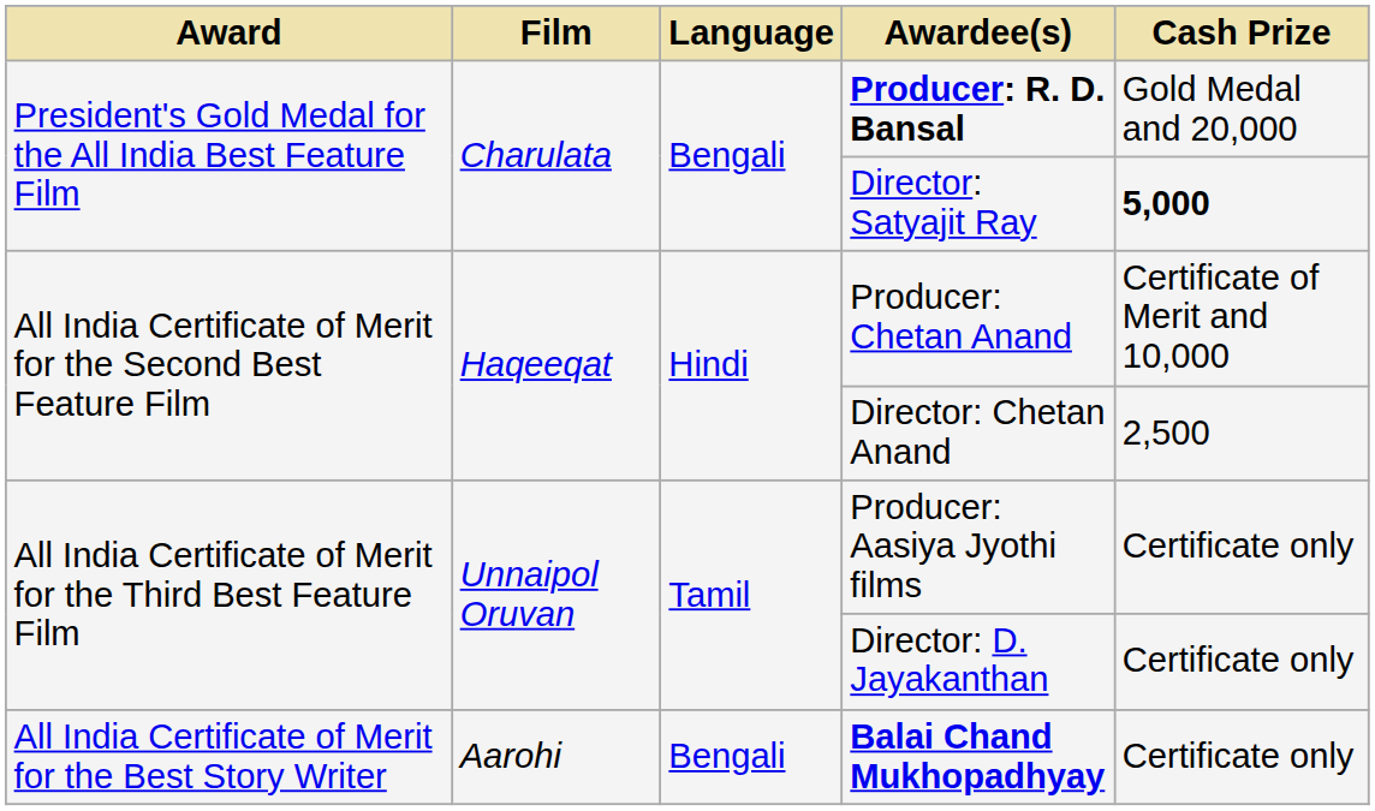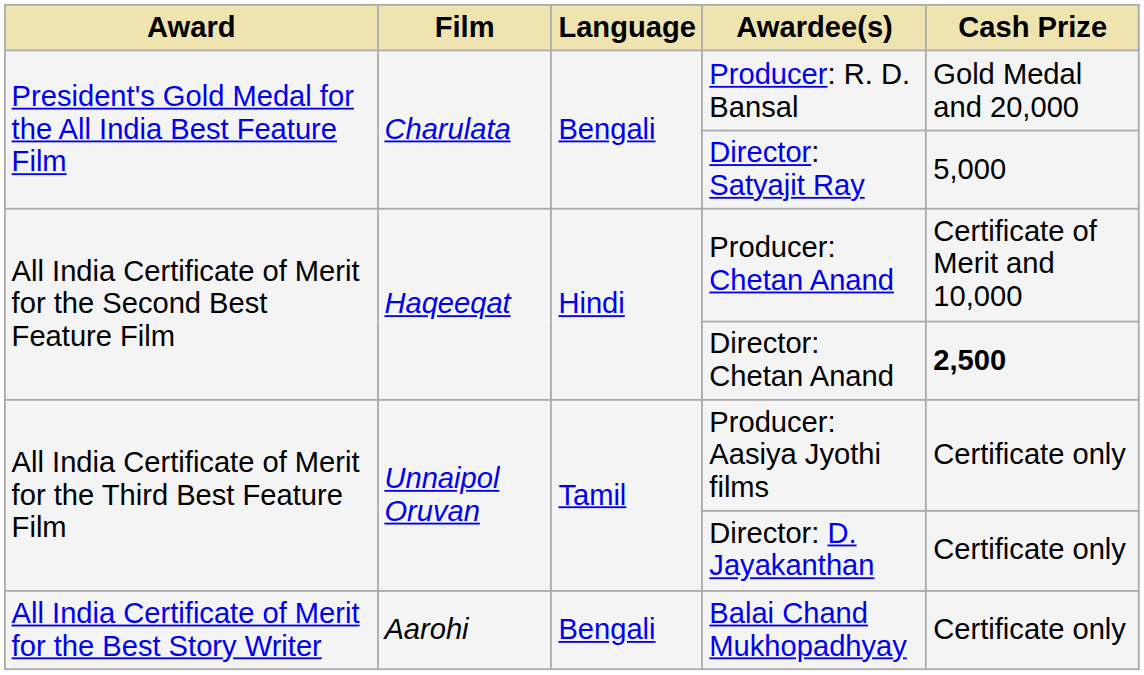 <table class="wikitable sortable" style="width:100%">
 <tr>
 <th style="background-color:#EFE4B0;width:37%;">Award</th>
 <th style="background-color:#EFE4B0;width:16%;">Film</th>
 <th style="background-color:#EFE4B0;width:7%;">Language</th>
 <th style="background-color:#EFE4B0;width:20%;">Awardee(s)</th>
 <th style="background-color:#EFE4B0;width:20%;">Cash Prize</th>
 </tr>
 <tr style="background-color:#F4F4F4">
 <td rowspan="2"><a href='#'>President's Gold Medal for the All India Best Feature Film</a></td>
 <td rowspan="2"><em><a href='#'>Charulata</a></em></td>
 <td rowspan="2"><a href='#'>Bengali</a></td>
-<td><strong><a href='#'>Producer</a>: R. D. Bansal</strong></td>
+<td><a href='#'>Producer</a>: R. D. Bansal</td>
 <td>Gold Medal and  20,000</td>
 </tr>
 <tr style="background-color:#F4F4F4">
 <td><a href='#'>Director</a>: <a href='#'>Satyajit Ray</a></td>
-<td><strong> 5,000</strong></td>
+<td> 5,000</td>
 </tr>
 <tr style="background-color:#F4F4F4">
 <td rowspan="2">All India Certificate of Merit for the Second Best Feature Film</td>
 <td rowspan="2"><em><a href='#'>Haqeeqat</a></em></td>
 <td rowspan="2"><a href='#'>Hindi</a></td>
 <td>Producer: <a href='#'>Chetan Anand</a></td>
 <td>Certificate of Merit and  10,000</td>
 </tr>
 <tr style="background-color:#F4F4F4">
 <td>Director: Chetan Anand</td>
-<td> 2,500</td>
+<td><strong> 2,500</strong></td>
 </tr>
 <tr style="background-color:#F4F4F4">
 <td rowspan="2">All India Certificate of Merit for the Third Best Feature Film</td>
 <td rowspan="2"><em><a href='#'>Unnaipol Oruvan</a></em></td>
 <td rowspan="2"><a href='#'>Tamil</a></td>
 <td>Producer: Aasiya Jyothi films</td>
 <td>Certificate only</td>
 </tr>
 <tr style="background-color:#F4F4F4">
 <td>Director: <a href='#'>D. Jayakanthan</a></td>
 <td>Certificate only</td>
 </tr>
 <tr style="background-color:#F4F4F4">
 <td><a href='#'>All India Certificate of Merit for the Best Story Writer</a></td>
 <td><em>Aarohi</em></td>
 <td><a href='#'>Bengali</a></td>
-<td><strong><a href='#'>Balai Chand Mukhopadhyay</a></strong></td>
+<td><a href='#'>Balai Chand Mukhopadhyay</a></td>
 <td>Certificate only</td>
 </tr>
 </table>
